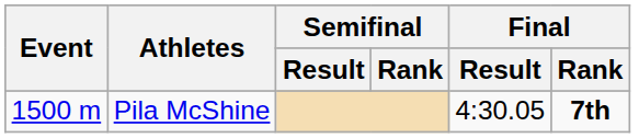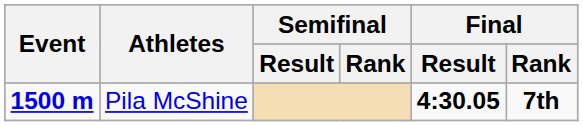 <table class=wikitable style="font-size:90%">
 <tr>
 <th rowspan=2>Event</th>
 <th rowspan=2>Athletes</th>
 <th colspan=2>Semifinal</th>
 <th colspan=2>Final</th>
 </tr>
 <tr>
 <th>Result</th>
 <th>Rank</th>
 <th>Result</th>
 <th>Rank</th>
 </tr>
 <tr>
-<td><a href='#'>1500 m</a></td>
+<td><strong><a href='#'>1500 m</a></strong></td>
 <td><a href='#'>Pila McShine</a></td>
 <td colspan=2 bgcolor=wheat></td>
-<td align=center>4:30.05</td>
+<td align=center><strong>4:30.05</strong></td>
 <td align=center><strong>7th</strong></td>
 </tr>
 </table>
